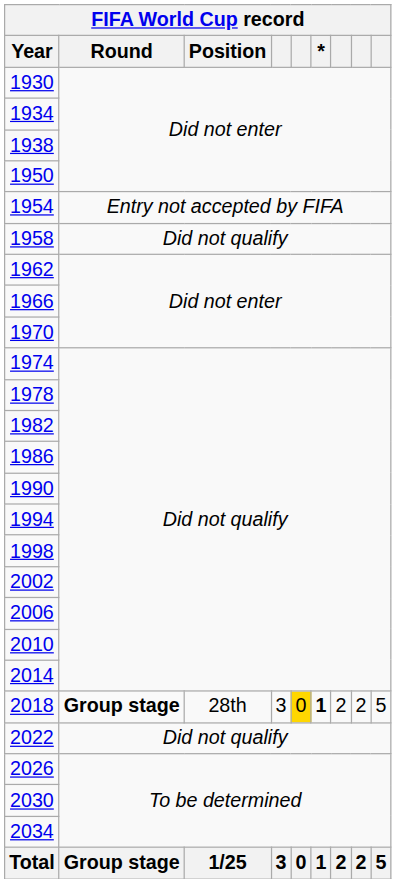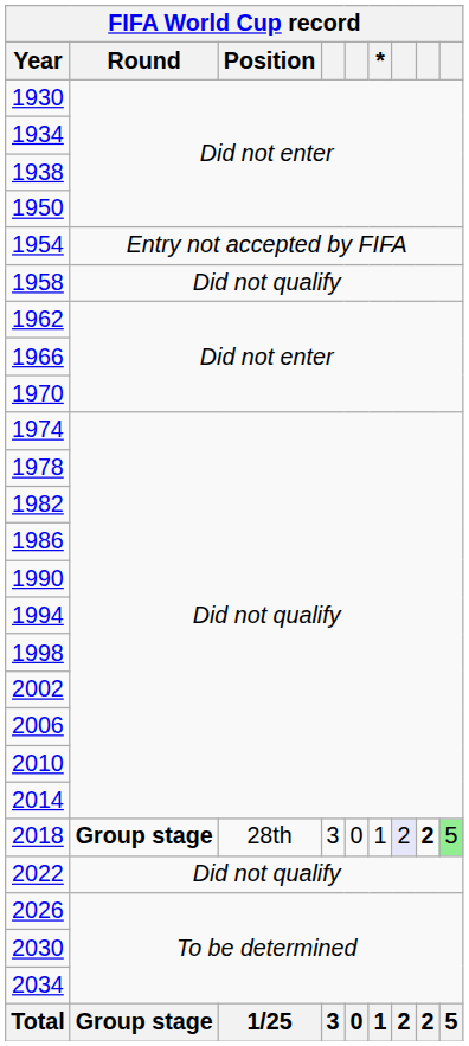 <table class="wikitable" style="text-align: center;">
 <tr>
 <th colspan=9><a href='#'>FIFA World Cup</a> record</th>
 </tr>
 <tr>
 <th>Year</th>
 <th>Round</th>
 <th>Position</th>
 <th></th>
 <th></th>
 <th>*</th>
 <th></th>
 <th></th>
 <th></th>
 </tr>
 <tr>
 <td> <a href='#'>1930</a></td>
 <td colspan="8" rowspan="4"><em>Did not enter</em></td>
 </tr>
 <tr>
 <td> <a href='#'>1934</a></td>
 </tr>
 <tr>
 <td> <a href='#'>1938</a></td>
 </tr>
 <tr>
 <td> <a href='#'>1950</a></td>
 </tr>
 <tr>
 <td> <a href='#'>1954</a></td>
 <td colspan=8><em>Entry not accepted by FIFA</em></td>
 </tr>
 <tr>
 <td> <a href='#'>1958</a></td>
 <td rowspan=1 colspan=8><em>Did not qualify</em></td>
 </tr>
 <tr>
 <td> <a href='#'>1962</a></td>
 <td colspan="8" rowspan="3"><em>Did not enter</em></td>
 </tr>
 <tr>
 <td> <a href='#'>1966</a></td>
 </tr>
 <tr>
 <td> <a href='#'>1970</a></td>
 </tr>
 <tr>
 <td> <a href='#'>1974</a></td>
 <td rowspan=11 colspan=8><em>Did not qualify</em></td>
 </tr>
 <tr>
 <td> <a href='#'>1978</a></td>
 </tr>
 <tr>
 <td> <a href='#'>1982</a></td>
 </tr>
 <tr>
 <td> <a href='#'>1986</a></td>
 </tr>
 <tr>
 <td> <a href='#'>1990</a></td>
 </tr>
 <tr>
 <td> <a href='#'>1994</a></td>
 </tr>
 <tr>
 <td> <a href='#'>1998</a></td>
 </tr>
 <tr>
 <td>  <a href='#'>2002</a></td>
 </tr>
 <tr>
 <td> <a href='#'>2006</a></td>
 </tr>
 <tr>
 <td> <a href='#'>2010</a></td>
 </tr>
 <tr>
 <td> <a href='#'>2014</a></td>
 </tr>
 <tr>
 <td> <a href='#'>2018</a></td>
 <td><strong>Group stage</strong></td>
 <td>28th</td>
 <td>3</td>
-<td style="background: gold;">0</td>
-<td><strong>1</strong></td>
-<td>2</td>
-<td>2</td>
-<td>5</td>
+<td>0</td>
+<td>1</td>
+<td style="background: lavender;">2</td>
+<td><strong>2</strong></td>
+<td style="background: lightgreen;">5</td>
 </tr>
 <tr>
 <td> <a href='#'>2022</a></td>
 <td colspan="8"><em>Did not qualify</em></td>
 </tr>
 <tr>
 <td>   <a href='#'>2026</a></td>
 <td colspan="8" rowspan="3"><em>To be determined</em></td>
 </tr>
 <tr>
 <td>   <a href='#'>2030</a></td>
 </tr>
 <tr>
 <td> <a href='#'>2034</a></td>
 </tr>
 <tr>
 <th style=":#c00;">Total</th>
 <th style=":#c00;">Group stage</th>
 <th style=":#c00;">1/25</th>
 <th style=":#c00;">3</th>
 <th style=":#c00;">0</th>
 <th style=":#c00;">1</th>
 <th style=":#c00;">2</th>
 <th style=":#c00;">2</th>
 <th style=":#c00;">5</th>
 </tr>
 </table>
